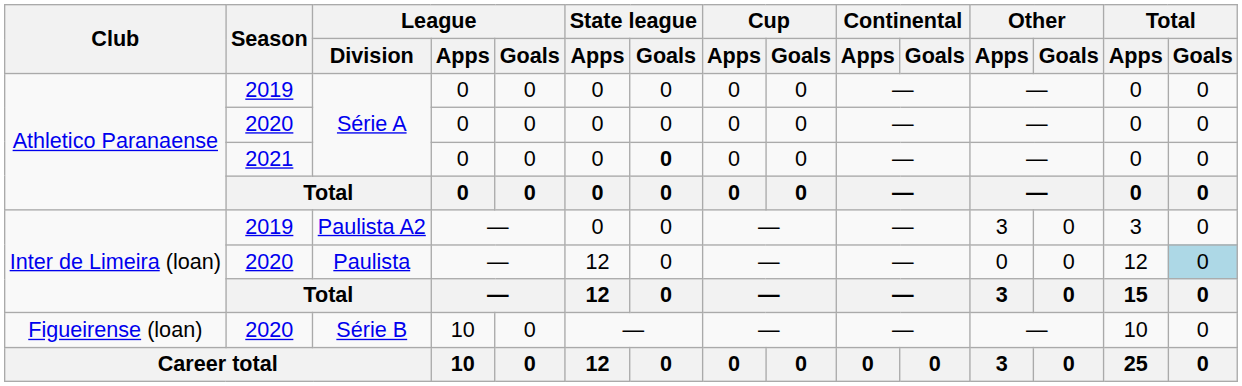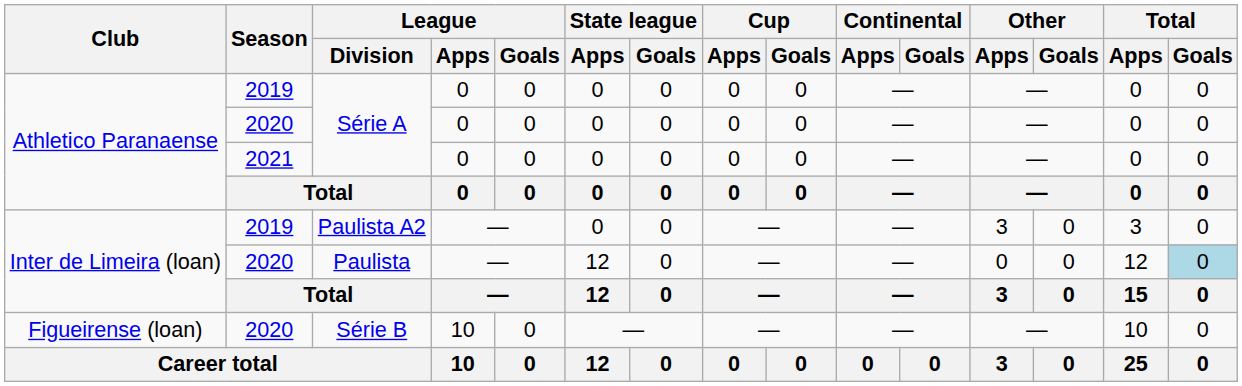 <table class="wikitable" style="text-align: center">
 <tr>
 <th rowspan="2">Club</th>
 <th rowspan="2">Season</th>
 <th colspan="3">League</th>
 <th colspan="2">State league</th>
 <th colspan="2">Cup</th>
 <th colspan="2">Continental</th>
 <th colspan="2">Other</th>
 <th colspan="2">Total</th>
 </tr>
 <tr>
 <th>Division</th>
 <th>Apps</th>
 <th>Goals</th>
 <th>Apps</th>
 <th>Goals</th>
 <th>Apps</th>
 <th>Goals</th>
 <th>Apps</th>
 <th>Goals</th>
 <th>Apps</th>
 <th>Goals</th>
 <th>Apps</th>
 <th>Goals</th>
 </tr>
 <tr>
 <td rowspan="4"><a href='#'>Athletico Paranaense</a></td>
 <td><a href='#'>2019</a></td>
 <td rowspan="3"><a href='#'>Série A</a></td>
 <td>0</td>
 <td>0</td>
 <td>0</td>
 <td>0</td>
 <td>0</td>
 <td>0</td>
 <td colspan="2">—</td>
 <td colspan="2">—</td>
 <td>0</td>
 <td>0</td>
 </tr>
 <tr>
 <td><a href='#'>2020</a></td>
 <td>0</td>
 <td>0</td>
 <td>0</td>
 <td>0</td>
 <td>0</td>
 <td>0</td>
 <td colspan="2">—</td>
 <td colspan="2">—</td>
 <td>0</td>
 <td>0</td>
 </tr>
 <tr>
 <td><a href='#'>2021</a></td>
 <td>0</td>
 <td>0</td>
 <td>0</td>
-<td><strong>0</strong></td>
+<td>0</td>
 <td>0</td>
 <td>0</td>
 <td colspan="2">—</td>
 <td colspan="2">—</td>
 <td>0</td>
 <td>0</td>
 </tr>
 <tr>
 <th colspan="2">Total</th>
 <th>0</th>
 <th>0</th>
 <th>0</th>
 <th>0</th>
 <th>0</th>
 <th>0</th>
 <th colspan="2">—</th>
 <th colspan="2">—</th>
 <th>0</th>
 <th>0</th>
 </tr>
 <tr>
 <td rowspan="3"><a href='#'>Inter de Limeira</a> (loan)</td>
 <td><a href='#'>2019</a></td>
 <td><a href='#'>Paulista A2</a></td>
 <td colspan="2">—</td>
 <td>0</td>
 <td>0</td>
 <td colspan="2">—</td>
 <td colspan="2">—</td>
 <td>3</td>
 <td>0</td>
 <td>3</td>
 <td>0</td>
 </tr>
 <tr>
 <td><a href='#'>2020</a></td>
 <td><a href='#'>Paulista</a></td>
 <td colspan="2">—</td>
 <td>12</td>
 <td>0</td>
 <td colspan="2">—</td>
 <td colspan="2">—</td>
 <td>0</td>
 <td>0</td>
 <td>12</td>
 <td style="background: lightblue;">0</td>
 </tr>
 <tr>
 <th colspan="2">Total</th>
 <th colspan="2">—</th>
 <th>12</th>
 <th>0</th>
 <th colspan="2">—</th>
 <th colspan="2">—</th>
 <th>3</th>
 <th>0</th>
 <th>15</th>
 <th>0</th>
 </tr>
 <tr>
 <td><a href='#'>Figueirense</a> (loan)</td>
 <td><a href='#'>2020</a></td>
 <td><a href='#'>Série B</a></td>
 <td>10</td>
 <td>0</td>
 <td colspan="2">—</td>
 <td colspan="2">—</td>
 <td colspan="2">—</td>
 <td colspan="2">—</td>
 <td>10</td>
 <td>0</td>
 </tr>
 <tr>
 <th colspan="3"><strong>Career total</strong></th>
 <th>10</th>
 <th>0</th>
 <th>12</th>
 <th>0</th>
 <th>0</th>
 <th>0</th>
 <th>0</th>
 <th>0</th>
 <th>3</th>
 <th>0</th>
 <th>25</th>
 <th>0</th>
 </tr>
 </table>
